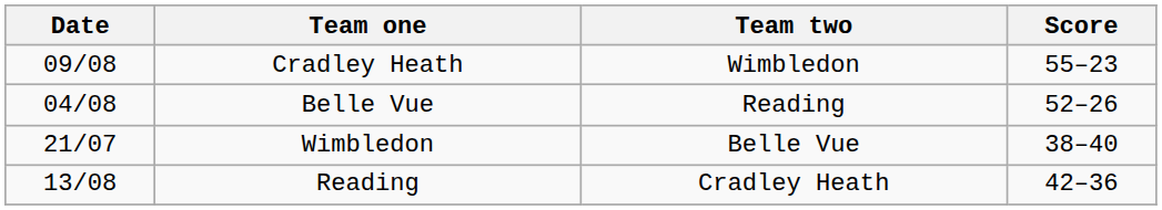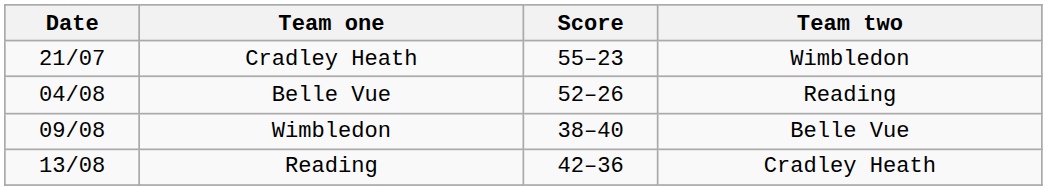 <table class="wikitable" style="text-align: center">
 <tr>
 <th width=80>Date</th>
 <th width=250>Team one</th>
+<th width=80>Score</th>
 <th width=250>Team two</th>
-<th width=80>Score</th>
 </tr>
 <tr>
-<td>09/08</td>
+<td>21/07</td>
 <td>Cradley Heath</td>
+<td>55–23</td>
 <td>Wimbledon</td>
-<td>55–23</td>
 </tr>
 <tr>
 <td>04/08</td>
 <td>Belle Vue</td>
+<td>52–26</td>
 <td>Reading</td>
-<td>52–26</td>
 </tr>
 <tr>
-<td>21/07</td>
+<td>09/08</td>
 <td>Wimbledon</td>
+<td>38–40</td>
 <td>Belle Vue</td>
-<td>38–40</td>
 </tr>
 <tr>
 <td>13/08</td>
 <td>Reading</td>
+<td>42–36</td>
 <td>Cradley Heath</td>
-<td>42–36</td>
 </tr>
 </table>
